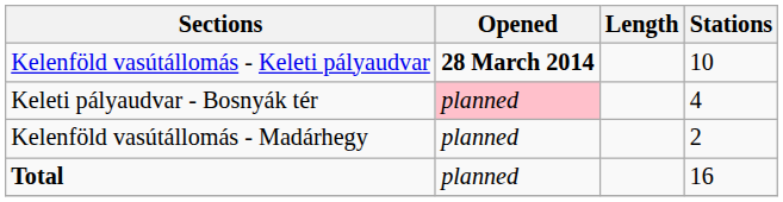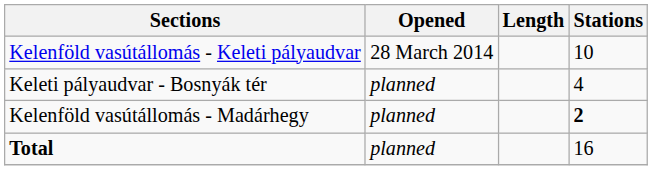 <table class="wikitable">
 <tr>
 <th>Sections</th>
 <th>Opened</th>
 <th>Length</th>
 <th>Stations</th>
 </tr>
 <tr>
 <td><a href='#'>Kelenföld vasútállomás</a> - <a href='#'>Keleti pályaudvar</a></td>
-<td><strong>28 March 2014</strong></td>
+<td>28 March 2014</td>
 <td></td>
 <td>10</td>
 </tr>
 <tr>
 <td>Keleti pályaudvar - Bosnyák tér</td>
-<td style="background: pink;"><em>planned</em></td>
+<td><em>planned</em></td>
 <td></td>
 <td>4</td>
 </tr>
 <tr>
 <td>Kelenföld vasútállomás - Madárhegy</td>
 <td><em>planned</em></td>
 <td></td>
-<td>2</td>
+<td><strong>2</strong></td>
 </tr>
 <tr>
 <td><strong>Total</strong></td>
 <td><em>planned</em></td>
 <td></td>
 <td>16</td>
 </tr>
 <tr>
 </tr>
 </table>
